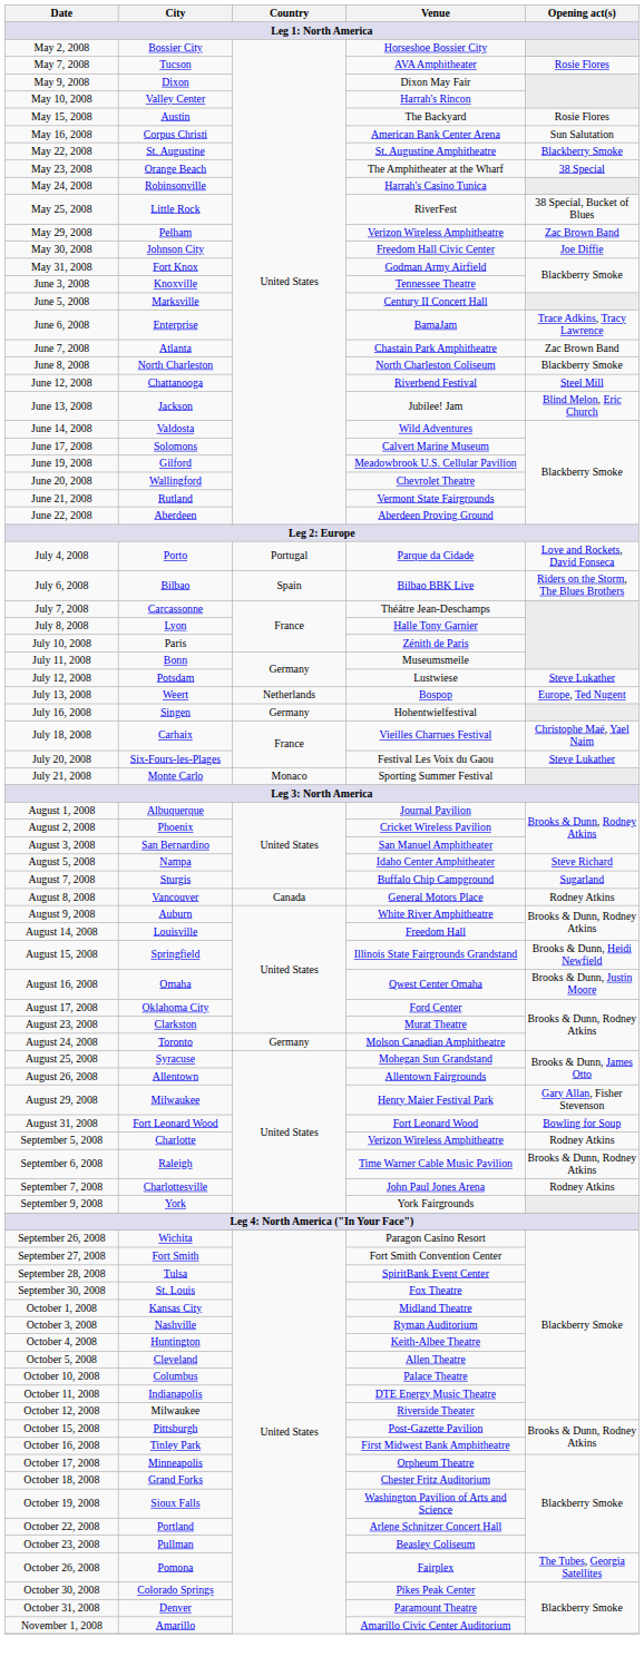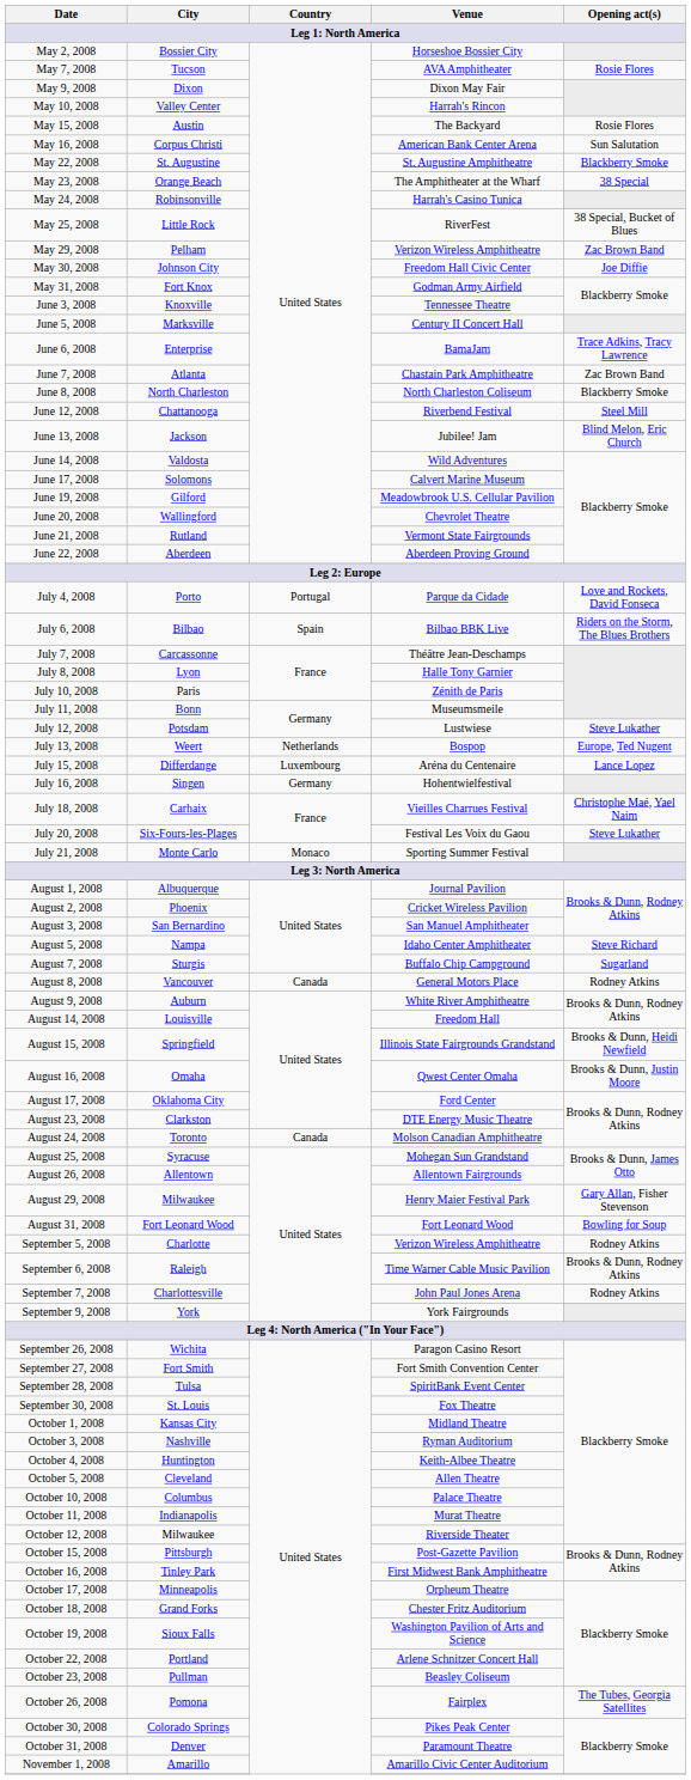 <table class="wikitable plainrowheaders" style="text-align:center;">
 <tr>
 <th scope="col" style="width:10em;">Date</th>
 <th scope="col" style="width:10em;">City</th>
 <th scope="col" style="width:10em;">Country</th>
 <th scope="col" style="width:16em;">Venue</th>
 <th scope="col" style="width:10em;">Opening act(s)</th>
 </tr>
 <tr>
 <th style="background:#dde;" colspan="5">Leg 1: North America</th>
 </tr>
 <tr>
 <td>May 2, 2008</td>
 <td><a href='#'>Bossier City</a></td>
 <td rowspan="26">United States</td>
 <td><a href='#'>Horseshoe Bossier City</a></td>
 <td style="background: #ececec; color: #2C2C2C"></td>
 </tr>
 <tr>
 <td>May 7, 2008</td>
 <td><a href='#'>Tucson</a></td>
 <td><a href='#'>AVA Amphitheater</a></td>
 <td><a href='#'>Rosie Flores</a></td>
 </tr>
 <tr>
 <td>May 9, 2008</td>
 <td><a href='#'>Dixon</a></td>
 <td>Dixon May Fair</td>
 <td rowspan="2" style="background: #ececec; color: #2C2C2C"></td>
 </tr>
 <tr>
 <td>May 10, 2008</td>
 <td><a href='#'>Valley Center</a></td>
 <td><a href='#'>Harrah's Rincon</a></td>
 </tr>
 <tr>
 <td>May 15, 2008</td>
 <td><a href='#'>Austin</a></td>
 <td>The Backyard</td>
 <td>Rosie Flores</td>
 </tr>
 <tr>
 <td>May 16, 2008</td>
 <td><a href='#'>Corpus Christi</a></td>
 <td><a href='#'>American Bank Center Arena</a></td>
 <td>Sun Salutation</td>
 </tr>
 <tr>
 <td>May 22, 2008</td>
 <td><a href='#'>St. Augustine</a></td>
 <td><a href='#'>St. Augustine Amphitheatre</a></td>
 <td><a href='#'>Blackberry Smoke</a></td>
 </tr>
 <tr>
 <td>May 23, 2008</td>
 <td><a href='#'>Orange Beach</a></td>
 <td>The Amphitheater at the Wharf</td>
 <td><a href='#'>38 Special</a></td>
 </tr>
 <tr>
 <td>May 24, 2008</td>
 <td><a href='#'>Robinsonville</a></td>
 <td><a href='#'>Harrah's Casino Tunica</a></td>
 <td style="background: #ececec; color: #2C2C2C"></td>
 </tr>
 <tr>
 <td>May 25, 2008</td>
 <td><a href='#'>Little Rock</a></td>
 <td>RiverFest</td>
 <td>38 Special, Bucket of Blues</td>
 </tr>
 <tr>
 <td>May 29, 2008</td>
 <td><a href='#'>Pelham</a></td>
 <td><a href='#'>Verizon Wireless Amphitheatre</a></td>
 <td><a href='#'>Zac Brown Band</a></td>
 </tr>
 <tr>
 <td>May 30, 2008</td>
 <td><a href='#'>Johnson City</a></td>
 <td><a href='#'>Freedom Hall Civic Center</a></td>
 <td><a href='#'>Joe Diffie</a></td>
 </tr>
 <tr>
 <td>May 31, 2008</td>
 <td><a href='#'>Fort Knox</a></td>
 <td><a href='#'>Godman Army Airfield</a></td>
 <td rowspan="2">Blackberry Smoke</td>
 </tr>
 <tr>
 <td>June 3, 2008</td>
 <td><a href='#'>Knoxville</a></td>
 <td><a href='#'>Tennessee Theatre</a></td>
 </tr>
 <tr>
 <td>June 5, 2008</td>
 <td><a href='#'>Marksville</a></td>
 <td><a href='#'>Century II Concert Hall</a></td>
 <td style="background: #ececec; color: #2C2C2C"></td>
 </tr>
 <tr>
 <td>June 6, 2008</td>
 <td><a href='#'>Enterprise</a></td>
 <td><a href='#'>BamaJam</a></td>
 <td><a href='#'>Trace Adkins</a>, <a href='#'>Tracy Lawrence</a></td>
 </tr>
 <tr>
 <td>June 7, 2008</td>
 <td><a href='#'>Atlanta</a></td>
 <td><a href='#'>Chastain Park Amphitheatre</a></td>
 <td>Zac Brown Band</td>
 </tr>
 <tr>
 <td>June 8, 2008</td>
 <td><a href='#'>North Charleston</a></td>
 <td><a href='#'>North Charleston Coliseum</a></td>
 <td>Blackberry Smoke</td>
 </tr>
 <tr>
 <td>June 12, 2008</td>
 <td><a href='#'>Chattanooga</a></td>
 <td><a href='#'>Riverbend Festival</a></td>
 <td><a href='#'>Steel Mill</a></td>
 </tr>
 <tr>
 <td>June 13, 2008</td>
 <td><a href='#'>Jackson</a></td>
 <td>Jubilee! Jam</td>
 <td><a href='#'>Blind Melon</a>, <a href='#'>Eric Church</a></td>
 </tr>
 <tr>
 <td>June 14, 2008</td>
 <td><a href='#'>Valdosta</a></td>
 <td><a href='#'>Wild Adventures</a></td>
 <td rowspan="6">Blackberry Smoke</td>
 </tr>
 <tr>
 <td>June 17, 2008</td>
 <td><a href='#'>Solomons</a></td>
 <td><a href='#'>Calvert Marine Museum</a></td>
 </tr>
 <tr>
 <td>June 19, 2008</td>
 <td><a href='#'>Gilford</a></td>
 <td><a href='#'>Meadowbrook U.S. Cellular Pavilion</a></td>
 </tr>
 <tr>
 <td>June 20, 2008</td>
 <td><a href='#'>Wallingford</a></td>
 <td><a href='#'>Chevrolet Theatre</a></td>
 </tr>
 <tr>
 <td>June 21, 2008</td>
 <td><a href='#'>Rutland</a></td>
 <td><a href='#'>Vermont State Fairgrounds</a></td>
 </tr>
 <tr>
 <td>June 22, 2008</td>
 <td><a href='#'>Aberdeen</a></td>
 <td><a href='#'>Aberdeen Proving Ground</a></td>
 </tr>
 <tr>
 <th style="background:#dde;" colspan="5">Leg 2: Europe</th>
 </tr>
 <tr>
 <td>July 4, 2008</td>
 <td><a href='#'>Porto</a></td>
 <td>Portugal</td>
 <td><a href='#'>Parque da Cidade</a></td>
 <td><a href='#'>Love and Rockets</a>, <a href='#'>David Fonseca</a></td>
 </tr>
 <tr>
 <td>July 6, 2008</td>
 <td><a href='#'>Bilbao</a></td>
 <td>Spain</td>
 <td><a href='#'>Bilbao BBK Live</a></td>
 <td><a href='#'>Riders on the Storm</a>, <a href='#'>The Blues Brothers</a></td>
 </tr>
 <tr>
 <td>July 7, 2008</td>
 <td><a href='#'>Carcassonne</a></td>
 <td rowspan="3">France</td>
 <td>Théâtre Jean-Deschamps</td>
 <td rowspan="4" style="background: #ececec; color: #2C2C2C"></td>
 </tr>
 <tr>
 <td>July 8, 2008</td>
 <td><a href='#'>Lyon</a></td>
 <td><a href='#'>Halle Tony Garnier</a></td>
 </tr>
 <tr>
 <td>July 10, 2008</td>
 <td>Paris</td>
 <td><a href='#'>Zénith de Paris</a></td>
 </tr>
 <tr>
 <td>July 11, 2008</td>
 <td><a href='#'>Bonn</a></td>
 <td rowspan="2">Germany</td>
 <td>Museumsmeile</td>
 </tr>
 <tr>
 <td>July 12, 2008</td>
 <td><a href='#'>Potsdam</a></td>
 <td>Lustwiese</td>
 <td><a href='#'>Steve Lukather</a></td>
 </tr>
 <tr>
 <td>July 13, 2008</td>
 <td><a href='#'>Weert</a></td>
 <td>Netherlands</td>
 <td><a href='#'>Bospop</a></td>
 <td><a href='#'>Europe</a>, <a href='#'>Ted Nugent</a></td>
 </tr>
 <tr>
+<td>July 15, 2008</td>
+<td><a href='#'>Differdange</a></td>
+<td>Luxembourg</td>
+<td>Aréna du Centenaire</td>
+<td><a href='#'>Lance Lopez</a></td>
+</tr>
+<tr>
 <td>July 16, 2008</td>
 <td><a href='#'>Singen</a></td>
 <td>Germany</td>
 <td>Hohentwielfestival</td>
 <td style="background: #ececec; color: #2C2C2C"></td>
 </tr>
 <tr>
 <td>July 18, 2008</td>
 <td><a href='#'>Carhaix</a></td>
 <td rowspan="2">France</td>
 <td><a href='#'>Vieilles Charrues Festival</a></td>
 <td><a href='#'>Christophe Maé</a>, <a href='#'>Yael Naim</a></td>
 </tr>
 <tr>
 <td>July 20, 2008</td>
 <td><a href='#'>Six-Fours-les-Plages</a></td>
 <td>Festival Les Voix du Gaou</td>
 <td><a href='#'>Steve Lukather</a></td>
 </tr>
 <tr>
 <td>July 21, 2008</td>
 <td><a href='#'>Monte Carlo</a></td>
 <td>Monaco</td>
 <td>Sporting Summer Festival</td>
 <td style="background: #ececec; color: #2C2C2C"></td>
 </tr>
 <tr>
 <th style="background:#dde;" colspan="5">Leg 3: North America</th>
 </tr>
 <tr>
 <td>August 1, 2008</td>
 <td><a href='#'>Albuquerque</a></td>
 <td rowspan="5">United States</td>
 <td><a href='#'>Journal Pavilion</a></td>
 <td rowspan="3"><a href='#'>Brooks & Dunn</a>, <a href='#'>Rodney Atkins</a></td>
 </tr>
 <tr>
 <td>August 2, 2008</td>
 <td><a href='#'>Phoenix</a></td>
 <td><a href='#'>Cricket Wireless Pavilion</a></td>
 </tr>
 <tr>
 <td>August 3, 2008</td>
 <td><a href='#'>San Bernardino</a></td>
 <td><a href='#'>San Manuel Amphitheater</a></td>
 </tr>
 <tr>
 <td>August 5, 2008</td>
 <td><a href='#'>Nampa</a></td>
 <td><a href='#'>Idaho Center Amphitheater</a></td>
 <td><a href='#'>Steve Richard</a></td>
 </tr>
 <tr>
 <td>August 7, 2008</td>
 <td><a href='#'>Sturgis</a></td>
 <td><a href='#'>Buffalo Chip Campground</a></td>
 <td><a href='#'>Sugarland</a></td>
 </tr>
 <tr>
 <td>August 8, 2008</td>
 <td><a href='#'>Vancouver</a></td>
 <td>Canada</td>
 <td><a href='#'>General Motors Place</a></td>
 <td>Rodney Atkins</td>
 </tr>
 <tr>
 <td>August 9, 2008</td>
 <td><a href='#'>Auburn</a></td>
 <td rowspan="6">United States</td>
 <td><a href='#'>White River Amphitheatre</a></td>
 <td rowspan="2">Brooks & Dunn, Rodney Atkins</td>
 </tr>
 <tr>
 <td>August 14, 2008</td>
 <td><a href='#'>Louisville</a></td>
 <td><a href='#'>Freedom Hall</a></td>
 </tr>
 <tr>
 <td>August 15, 2008</td>
 <td><a href='#'>Springfield</a></td>
 <td><a href='#'>Illinois State Fairgrounds Grandstand</a></td>
 <td>Brooks & Dunn, <a href='#'>Heidi Newfield</a></td>
 </tr>
 <tr>
 <td>August 16, 2008</td>
 <td><a href='#'>Omaha</a></td>
 <td><a href='#'>Qwest Center Omaha</a></td>
 <td>Brooks & Dunn, <a href='#'>Justin Moore</a></td>
 </tr>
 <tr>
 <td>August 17, 2008</td>
 <td><a href='#'>Oklahoma City</a></td>
 <td><a href='#'>Ford Center</a></td>
 <td rowspan="3">Brooks & Dunn, Rodney Atkins</td>
 </tr>
 <tr>
 <td>August 23, 2008</td>
 <td><a href='#'>Clarkston</a></td>
-<td><a href='#'>Murat Theatre</a></td>
+<td><a href='#'>DTE Energy Music Theatre</a></td>
 </tr>
 <tr>
 <td>August 24, 2008</td>
 <td><a href='#'>Toronto</a></td>
-<td>Germany</td>
+<td>Canada</td>
 <td><a href='#'>Molson Canadian Amphitheatre</a></td>
 </tr>
 <tr>
 <td>August 25, 2008</td>
 <td><a href='#'>Syracuse</a></td>
 <td rowspan="8">United States</td>
 <td><a href='#'>Mohegan Sun Grandstand</a></td>
 <td rowspan="2">Brooks & Dunn, <a href='#'>James Otto</a></td>
 </tr>
 <tr>
 <td>August 26, 2008</td>
 <td><a href='#'>Allentown</a></td>
 <td><a href='#'>Allentown Fairgrounds</a></td>
 </tr>
 <tr>
 <td>August 29, 2008</td>
 <td><a href='#'>Milwaukee</a></td>
 <td><a href='#'>Henry Maier Festival Park</a></td>
 <td><a href='#'>Gary Allan</a>, Fisher Stevenson</td>
 </tr>
 <tr>
 <td>August 31, 2008</td>
 <td><a href='#'>Fort Leonard Wood</a></td>
 <td><a href='#'>Fort Leonard Wood</a></td>
 <td><a href='#'>Bowling for Soup</a></td>
 </tr>
 <tr>
 <td>September 5, 2008</td>
 <td><a href='#'>Charlotte</a></td>
 <td><a href='#'>Verizon Wireless Amphitheatre</a></td>
 <td>Rodney Atkins</td>
 </tr>
 <tr>
 <td>September 6, 2008</td>
 <td><a href='#'>Raleigh</a></td>
 <td><a href='#'>Time Warner Cable Music Pavilion</a></td>
 <td>Brooks & Dunn, Rodney Atkins</td>
 </tr>
 <tr>
 <td>September 7, 2008</td>
 <td><a href='#'>Charlottesville</a></td>
 <td><a href='#'>John Paul Jones Arena</a></td>
 <td>Rodney Atkins</td>
 </tr>
 <tr>
 <td>September 9, 2008</td>
 <td><a href='#'>York</a></td>
 <td>York Fairgrounds</td>
 <td style="background: #ececec; color: #2C2C2C"></td>
 </tr>
 <tr>
 <th style="background:#dde;" colspan="5">Leg 4: North America ("In Your Face")</th>
 </tr>
 <tr>
 <td>September 26, 2008</td>
 <td><a href='#'>Wichita</a></td>
 <td rowspan="23">United States</td>
 <td>Paragon Casino Resort</td>
 <td rowspan="11">Blackberry Smoke</td>
 </tr>
 <tr>
 <td>September 27, 2008</td>
 <td><a href='#'>Fort Smith</a></td>
 <td>Fort Smith Convention Center</td>
 </tr>
 <tr>
 <td>September 28, 2008</td>
 <td><a href='#'>Tulsa</a></td>
 <td><a href='#'>SpiritBank Event Center</a></td>
 </tr>
 <tr>
 <td>September 30, 2008</td>
 <td><a href='#'>St. Louis</a></td>
 <td><a href='#'>Fox Theatre</a></td>
 </tr>
 <tr>
 <td>October 1, 2008</td>
 <td><a href='#'>Kansas City</a></td>
 <td><a href='#'>Midland Theatre</a></td>
 </tr>
 <tr>
 <td>October 3, 2008</td>
 <td><a href='#'>Nashville</a></td>
 <td><a href='#'>Ryman Auditorium</a></td>
 </tr>
 <tr>
 <td>October 4, 2008</td>
 <td><a href='#'>Huntington</a></td>
 <td><a href='#'>Keith-Albee Theatre</a></td>
 </tr>
 <tr>
 <td>October 5, 2008</td>
 <td><a href='#'>Cleveland</a></td>
 <td><a href='#'>Allen Theatre</a></td>
 </tr>
 <tr>
 <td>October 10, 2008</td>
 <td><a href='#'>Columbus</a></td>
 <td><a href='#'>Palace Theatre</a></td>
 </tr>
 <tr>
 <td>October 11, 2008</td>
 <td><a href='#'>Indianapolis</a></td>
-<td><a href='#'>DTE Energy Music Theatre</a></td>
+<td><a href='#'>Murat Theatre</a></td>
 </tr>
 <tr>
 <td>October 12, 2008</td>
 <td>Milwaukee</td>
 <td><a href='#'>Riverside Theater</a></td>
 </tr>
 <tr>
 <td>October 15, 2008</td>
 <td><a href='#'>Pittsburgh</a></td>
 <td><a href='#'>Post-Gazette Pavilion</a></td>
 <td rowspan="2">Brooks & Dunn, Rodney Atkins</td>
 </tr>
 <tr>
 <td>October 16, 2008</td>
 <td><a href='#'>Tinley Park</a></td>
 <td><a href='#'>First Midwest Bank Amphitheatre</a></td>
 </tr>
 <tr>
 <td>October 17, 2008</td>
 <td><a href='#'>Minneapolis</a></td>
 <td><a href='#'>Orpheum Theatre</a></td>
 <td rowspan="5">Blackberry Smoke</td>
 </tr>
 <tr>
 <td>October 18, 2008</td>
 <td><a href='#'>Grand Forks</a></td>
 <td><a href='#'>Chester Fritz Auditorium</a></td>
 </tr>
 <tr>
 <td>October 19, 2008</td>
 <td><a href='#'>Sioux Falls</a></td>
 <td><a href='#'>Washington Pavilion of Arts and Science</a></td>
 </tr>
 <tr>
 <td>October 22, 2008</td>
 <td><a href='#'>Portland</a></td>
 <td><a href='#'>Arlene Schnitzer Concert Hall</a></td>
 </tr>
 <tr>
 <td>October 23, 2008</td>
 <td><a href='#'>Pullman</a></td>
 <td><a href='#'>Beasley Coliseum</a></td>
 </tr>
 <tr>
 <td>October 26, 2008</td>
 <td><a href='#'>Pomona</a></td>
 <td><a href='#'>Fairplex</a></td>
 <td><a href='#'>The Tubes</a>, <a href='#'>Georgia Satellites</a></td>
 </tr>
 <tr>
 <td>October 30, 2008</td>
 <td><a href='#'>Colorado Springs</a></td>
 <td><a href='#'>Pikes Peak Center</a></td>
 <td rowspan="3">Blackberry Smoke</td>
 </tr>
 <tr>
 <td>October 31, 2008</td>
 <td><a href='#'>Denver</a></td>
 <td><a href='#'>Paramount Theatre</a></td>
 </tr>
 <tr>
 <td>November 1, 2008</td>
 <td><a href='#'>Amarillo</a></td>
 <td><a href='#'>Amarillo Civic Center Auditorium</a></td>
 </tr>
 <tr>
 </tr>
 </table>
